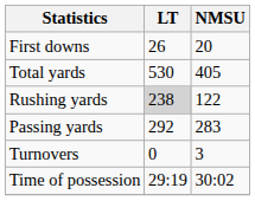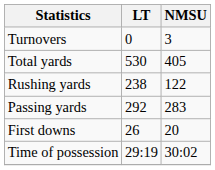 <table class="wikitable">
 <tr>
 <th>Statistics</th>
 <th>LT</th>
 <th>NMSU</th>
 </tr>
 <tr>
-<td>First downs</td>
-<td>26</td>
-<td>20</td>
+<td>Turnovers</td>
+<td>0</td>
+<td>3</td>
 </tr>
 <tr>
 <td>Total yards</td>
 <td>530</td>
 <td>405</td>
 </tr>
 <tr>
 <td>Rushing yards</td>
-<td style="background: lightgrey;">238</td>
+<td>238</td>
 <td>122</td>
 </tr>
 <tr>
 <td>Passing yards</td>
 <td>292</td>
 <td>283</td>
 </tr>
 <tr>
-<td>Turnovers</td>
-<td>0</td>
-<td>3</td>
+<td>First downs</td>
+<td>26</td>
+<td>20</td>
 </tr>
 <tr>
 <td>Time of possession</td>
 <td>29:19</td>
 <td>30:02</td>
 </tr>
 <tr>
 </tr>
 </table>
